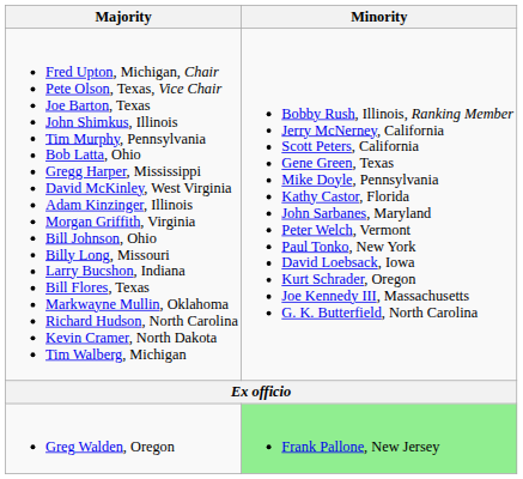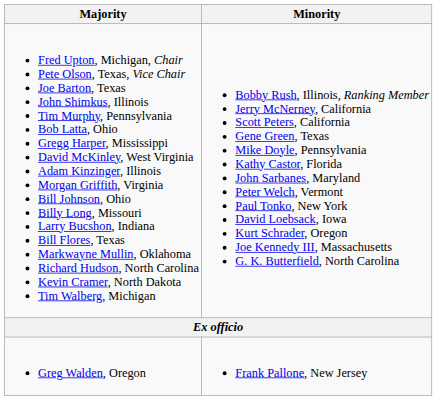 <table class=wikitable>
 <tr>
 <th>Majority</th>
 <th>Minority</th>
 </tr>
 <tr>
 <td><br><ul><li><a href='#'>Fred Upton</a>, Michigan, <em>Chair</em></li><li><a href='#'>Pete Olson</a>, Texas, <em>Vice Chair</em></li><li><a href='#'>Joe Barton</a>, Texas</li><li><a href='#'>John Shimkus</a>, Illinois</li><li><a href='#'>Tim Murphy</a>, Pennsylvania</li><li><a href='#'>Bob Latta</a>, Ohio</li><li><a href='#'>Gregg Harper</a>, Mississippi</li><li><a href='#'>David McKinley</a>, West Virginia</li><li><a href='#'>Adam Kinzinger</a>, Illinois</li><li><a href='#'>Morgan Griffith</a>, Virginia</li><li><a href='#'>Bill Johnson</a>, Ohio</li><li><a href='#'>Billy Long</a>, Missouri</li><li><a href='#'>Larry Bucshon</a>, Indiana</li><li><a href='#'>Bill Flores</a>, Texas</li><li><a href='#'>Markwayne Mullin</a>, Oklahoma</li><li><a href='#'>Richard Hudson</a>, North Carolina</li><li><a href='#'>Kevin Cramer</a>, North Dakota</li><li><a href='#'>Tim Walberg</a>, Michigan</li></ul></td>
 <td><br><ul><li><a href='#'>Bobby Rush</a>, Illinois, <em>Ranking Member</em></li><li><a href='#'>Jerry McNerney</a>, California</li><li><a href='#'>Scott Peters</a>, California</li><li><a href='#'>Gene Green</a>, Texas</li><li><a href='#'>Mike Doyle</a>, Pennsylvania</li><li><a href='#'>Kathy Castor</a>, Florida</li><li><a href='#'>John Sarbanes</a>, Maryland</li><li><a href='#'>Peter Welch</a>, Vermont</li><li><a href='#'>Paul Tonko</a>, New York</li><li><a href='#'>David Loebsack</a>, Iowa</li><li><a href='#'>Kurt Schrader</a>, Oregon</li><li><a href='#'>Joe Kennedy III</a>, Massachusetts</li><li><a href='#'>G. K. Butterfield</a>, North Carolina</li></ul></td>
 </tr>
 <tr>
 <th colspan=2><em>Ex officio</em></th>
 </tr>
 <tr>
 <td><br><ul><li><a href='#'>Greg Walden</a>, Oregon</li></ul></td>
-<td style="background: lightgreen;"><br><ul><li><a href='#'>Frank Pallone</a>, New Jersey</li></ul></td>
+<td><br><ul><li><a href='#'>Frank Pallone</a>, New Jersey</li></ul></td>
 </tr>
 </table>
